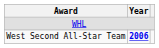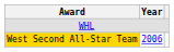 <table class="wikitable">
 <tr>
 <th>Award</th>
 <th>Year</th>
 <th></th>
 </tr>
 <tr ALIGN="center" bgcolor="#e0e0e0">
 <td colspan="3"><a href='#'>WHL</a></td>
 </tr>
 <tr>
-<td>West Second All-Star Team</td>
-<td><strong><a href='#'>2006</a></strong></td>
+<td style="background: gold;">West Second All-Star Team</td>
+<td><a href='#'>2006</a></td>
 <td></td>
 </tr>
 </table>
